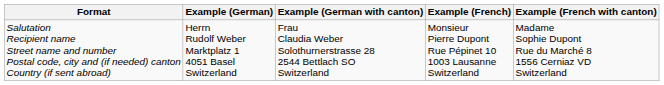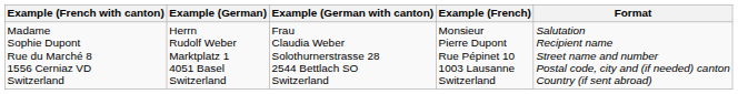 <table class="wikitable">
 <tr>
-<th>Format</th>
+<th>Example (French with canton)</th>
 <th>Example (German)</th>
 <th>Example (German with canton)</th>
 <th>Example (French)</th>
-<th>Example (French with canton)</th>
+<th>Format</th>
 </tr>
 <tr>
-<td><em>Salutation</em> <br><em>Recipient name</em> <br><em>Street name and number</em> <br><em>Postal code, city and (if needed) canton</em><br><em>Country (if sent abroad)</em></td>
+<td>Madame<br>Sophie Dupont<br>Rue du Marché 8<br>1556 Cerniaz VD<br>Switzerland</td>
 <td>Herrn<br>Rudolf Weber<br>Marktplatz 1<br>4051 Basel<br>Switzerland</td>
 <td>Frau<br>Claudia Weber<br>Solothurnerstrasse 28<br>2544 Bettlach SO<br>Switzerland</td>
 <td>Monsieur<br>Pierre Dupont<br>Rue Pépinet 10<br>1003 Lausanne<br>Switzerland</td>
-<td>Madame<br>Sophie Dupont<br>Rue du Marché 8<br>1556 Cerniaz VD<br>Switzerland</td>
+<td><em>Salutation</em> <br><em>Recipient name</em> <br><em>Street name and number</em> <br><em>Postal code, city and (if needed) canton</em><br><em>Country (if sent abroad)</em></td>
 </tr>
 </table>
